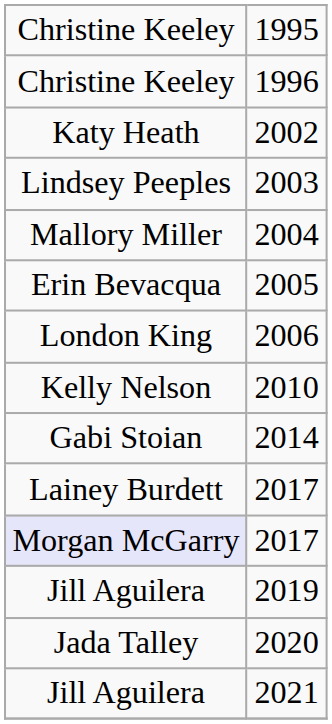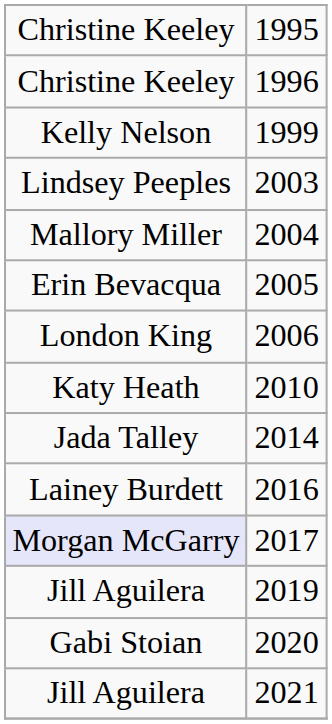 <table class="wikitable" style="text-align:center;">
 <tr>
 <td>Christine Keeley</td>
 <td>1995</td>
 </tr>
 <tr>
 <td>Christine Keeley</td>
 <td>1996</td>
 </tr>
 <tr>
-<td>Katy Heath</td>
-<td>2002</td>
+<td>Kelly Nelson</td>
+<td>1999</td>
 </tr>
 <tr>
 <td>Lindsey Peeples</td>
 <td>2003</td>
 </tr>
 <tr>
 <td>Mallory Miller</td>
 <td>2004</td>
 </tr>
 <tr>
 <td>Erin Bevacqua</td>
 <td>2005</td>
 </tr>
 <tr>
 <td>London King</td>
 <td>2006</td>
 </tr>
 <tr>
-<td>Kelly Nelson</td>
+<td>Katy Heath</td>
 <td>2010</td>
 </tr>
 <tr>
-<td>Gabi Stoian</td>
+<td>Jada Talley</td>
 <td>2014</td>
 </tr>
 <tr>
 <td>Lainey Burdett</td>
-<td>2017</td>
+<td>2016</td>
 </tr>
 <tr>
 <td style="background: lavender;">Morgan McGarry</td>
 <td>2017</td>
 </tr>
 <tr>
 <td>Jill Aguilera</td>
 <td>2019</td>
 </tr>
 <tr>
-<td>Jada Talley</td>
+<td>Gabi Stoian</td>
 <td>2020</td>
 </tr>
 <tr>
 <td>Jill Aguilera</td>
 <td>2021</td>
 </tr>
 <tr>
 </tr>
 </table>
